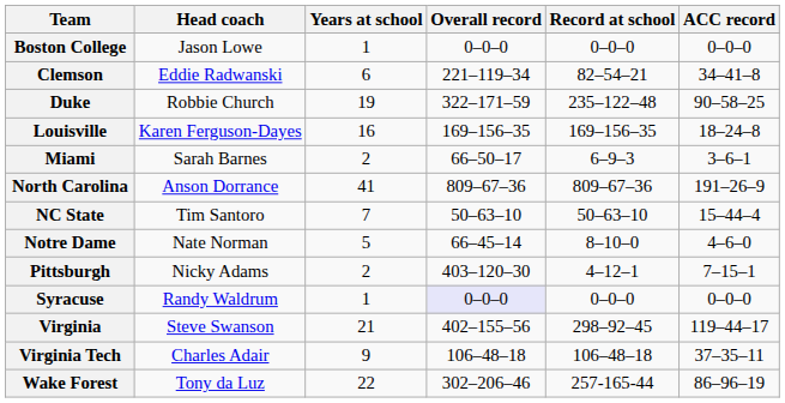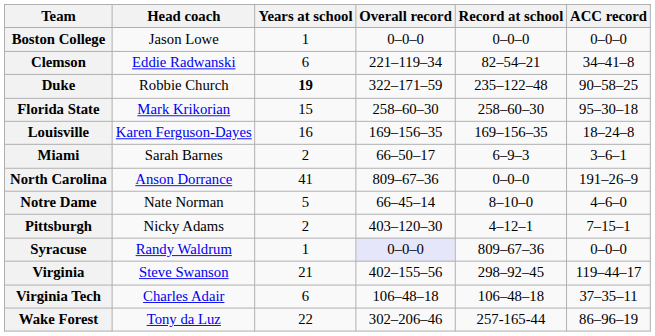 <table class="wikitable sortable" style="text-align: center;">
 <tr>
 <th width="110">Team</th>
 <th>Head coach</th>
 <th>Years at school</th>
 <th>Overall record</th>
 <th>Record at school</th>
 <th>ACC record</th>
 </tr>
 <tr>
 <th>Boston College</th>
 <td>Jason Lowe</td>
 <td>1</td>
 <td>0–0–0</td>
 <td>0–0–0</td>
 <td>0–0–0</td>
 </tr>
 <tr>
 <th>Clemson</th>
 <td><a href='#'>Eddie Radwanski</a></td>
 <td>6</td>
 <td>221–119–34</td>
 <td>82–54–21</td>
 <td>34–41–8</td>
 </tr>
 <tr>
 <th>Duke</th>
 <td>Robbie Church</td>
-<td>19</td>
+<td><strong>19</strong></td>
 <td>322–171–59</td>
 <td>235–122–48</td>
 <td>90–58–25</td>
+</tr>
+<tr>
+<th>Florida State</th>
+<td><a href='#'>Mark Krikorian</a></td>
+<td>15</td>
+<td>258–60–30</td>
+<td>258–60–30</td>
+<td>95–30–18</td>
 </tr>
 <tr>
 <th>Louisville</th>
 <td><a href='#'>Karen Ferguson-Dayes</a></td>
 <td>16</td>
 <td>169–156–35</td>
 <td>169–156–35</td>
 <td>18–24–8</td>
 </tr>
 <tr>
 <th>Miami</th>
 <td>Sarah Barnes</td>
 <td>2</td>
 <td>66–50–17</td>
 <td>6–9–3</td>
 <td>3–6–1</td>
 </tr>
 <tr>
 <th>North Carolina</th>
 <td><a href='#'>Anson Dorrance</a></td>
 <td>41</td>
 <td>809–67–36</td>
-<td>809–67–36</td>
+<td>0–0–0</td>
 <td>191–26–9</td>
-</tr>
-<tr>
-<th>NC State</th>
-<td>Tim Santoro</td>
-<td>7</td>
-<td>50–63–10</td>
-<td>50–63–10</td>
-<td>15–44–4</td>
 </tr>
 <tr>
 <th>Notre Dame</th>
 <td>Nate Norman</td>
 <td>5</td>
 <td>66–45–14</td>
 <td>8–10–0</td>
 <td>4–6–0</td>
 </tr>
 <tr>
 <th>Pittsburgh</th>
 <td>Nicky Adams</td>
 <td>2</td>
 <td>403–120–30</td>
 <td>4–12–1</td>
 <td>7–15–1</td>
 </tr>
 <tr>
 <th>Syracuse</th>
 <td><a href='#'>Randy Waldrum</a></td>
 <td>1</td>
 <td style="background: lavender;">0–0–0</td>
-<td>0–0–0</td>
+<td>809–67–36</td>
 <td>0–0–0</td>
 </tr>
 <tr>
 <th>Virginia</th>
 <td><a href='#'>Steve Swanson</a></td>
 <td>21</td>
 <td>402–155–56</td>
 <td>298–92–45</td>
 <td>119–44–17</td>
 </tr>
 <tr>
 <th>Virginia Tech</th>
 <td><a href='#'>Charles Adair</a></td>
-<td>9</td>
+<td>6</td>
 <td>106–48–18</td>
 <td>106–48–18</td>
 <td>37–35–11</td>
 </tr>
 <tr>
 <th>Wake Forest</th>
 <td><a href='#'>Tony da Luz</a></td>
 <td>22</td>
 <td>302–206–46</td>
 <td>257-165-44</td>
 <td>86–96–19</td>
 </tr>
 </table>
